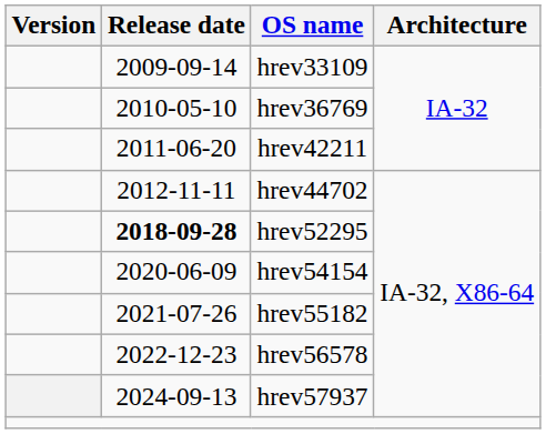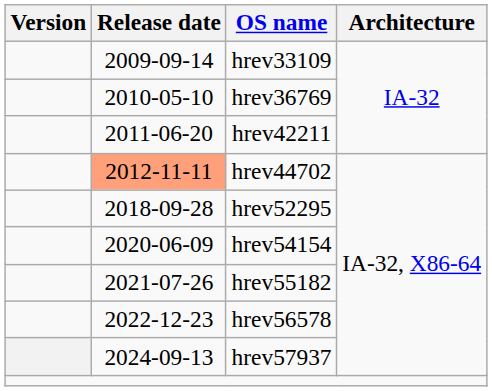 <table class="wikitable" style="text-align:center; margin-left:1em; margin-right:0">
 <tr>
 <th>Version</th>
 <th>Release date</th>
 <th><a href='#'>OS name</a></th>
 <th>Architecture</th>
 </tr>
 <tr>
 <td></td>
 <td>2009-09-14</td>
 <td>hrev33109</td>
 <td rowspan="3"><a href='#'>IA-32</a></td>
 </tr>
 <tr>
 <td></td>
 <td>2010-05-10</td>
 <td>hrev36769</td>
 </tr>
 <tr>
 <td></td>
 <td>2011-06-20</td>
 <td>hrev42211</td>
 </tr>
 <tr>
 <td></td>
-<td>2012-11-11</td>
+<td style="background: lightsalmon;">2012-11-11</td>
 <td>hrev44702</td>
 <td rowspan="6">IA-32, <a href='#'>X86-64</a></td>
 </tr>
 <tr>
 <td></td>
-<td><strong>2018-09-28</strong></td>
+<td>2018-09-28</td>
 <td>hrev52295</td>
 </tr>
 <tr>
 <td></td>
 <td>2020-06-09</td>
 <td>hrev54154</td>
 </tr>
 <tr>
 <td></td>
 <td>2021-07-26</td>
 <td>hrev55182</td>
 </tr>
 <tr>
 <td></td>
 <td>2022-12-23</td>
 <td>hrev56578</td>
 </tr>
 <tr>
 <th></th>
 <td>2024-09-13</td>
 <td>hrev57937</td>
 </tr>
 <tr>
 <td colspan="5"><small></small></td>
 </tr>
 </table>
